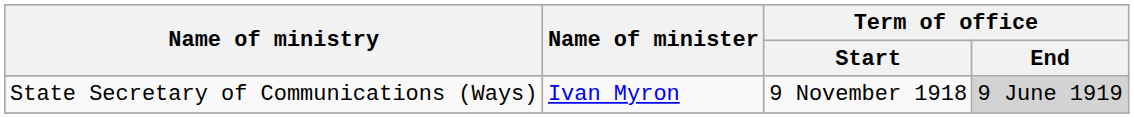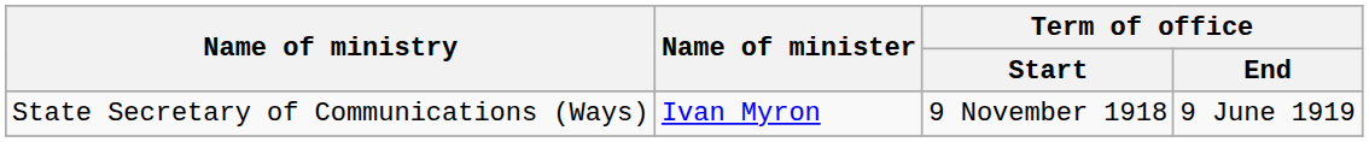 <table class="wikitable">
 <tr>
 <th rowspan="2">Name of ministry</th>
 <th rowspan="2">Name of minister</th>
 <th colspan="2">Term of office</th>
 </tr>
 <tr>
 <th>Start</th>
 <th>End</th>
 </tr>
 <tr>
 <td>State Secretary of Communications (Ways)</td>
 <td><a href='#'>Ivan Myron</a></td>
 <td>9 November 1918</td>
-<td style="background: lightgrey;">9 June 1919</td>
+<td>9 June 1919</td>
 </tr>
 </table>
